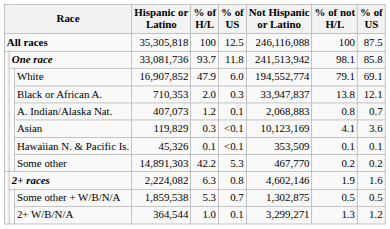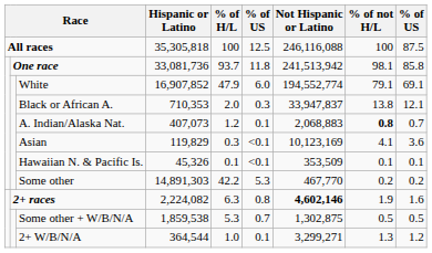 <table class="wikitable sortable" style="text-align:right">
 <tr>
 <th colspan="3">Race</th>
 <th>Hispanic or<br>Latino</th>
 <th>% of<br>H/L</th>
 <th>% of<br>US</th>
 <th>Not Hispanic<br>or Latino</th>
 <th>% of not<br>H/L</th>
 <th>% of<br>US</th>
 </tr>
 <tr>
 <td colspan="3" style="text-align:left"><strong>All races</strong></td>
 <td>35,305,818</td>
 <td>100</td>
 <td>12.5</td>
 <td>246,116,088</td>
 <td>100</td>
 <td>87.5</td>
 </tr>
 <tr>
 <td rowspan="7"></td>
 <td colspan="2" style="text-align:left"><strong><em>One race</em></strong></td>
 <td>33,081,736</td>
 <td>93.7</td>
 <td>11.8</td>
 <td>241,513,942</td>
 <td>98.1</td>
 <td>85.8</td>
 </tr>
 <tr>
 <td rowspan="6"></td>
 <td style="text-align:left">White</td>
 <td>16,907,852</td>
 <td>47.9</td>
 <td>6.0</td>
 <td>194,552,774</td>
 <td>79.1</td>
 <td>69.1</td>
 </tr>
 <tr>
 <td style="text-align:left">Black or African A.</td>
 <td>710,353</td>
 <td>2.0</td>
 <td>0.3</td>
 <td>33,947,837</td>
 <td>13.8</td>
 <td>12.1</td>
 </tr>
 <tr>
 <td style="text-align:left">A. Indian/Alaska Nat.</td>
 <td>407,073</td>
 <td>1.2</td>
 <td>0.1</td>
 <td>2,068,883</td>
-<td>0.8</td>
+<td><strong>0.8</strong></td>
 <td>0.7</td>
 </tr>
 <tr>
 <td style="text-align:left">Asian</td>
 <td>119,829</td>
 <td>0.3</td>
 <td><0.1</td>
 <td>10,123,169</td>
 <td>4.1</td>
 <td>3.6</td>
 </tr>
 <tr>
 <td style="text-align:left">Hawaiian N. & Pacific Is.</td>
 <td>45,326</td>
 <td>0.1</td>
 <td><0.1</td>
 <td>353,509</td>
 <td>0.1</td>
 <td>0.1</td>
 </tr>
 <tr>
 <td style="text-align:left">Some other</td>
 <td>14,891,303</td>
 <td>42.2</td>
 <td>5.3</td>
 <td>467,770</td>
 <td>0.2</td>
 <td>0.2</td>
 </tr>
 <tr>
 <td rowspan="3"></td>
 <td colspan="2" style="text-align:left"><strong><em>2+ races</em></strong></td>
 <td>2,224,082</td>
 <td>6.3</td>
 <td>0.8</td>
-<td>4,602,146</td>
+<td><strong>4,602,146</strong></td>
 <td>1.9</td>
 <td>1.6</td>
 </tr>
 <tr>
 <td rowspan="2"></td>
 <td style="text-align:left">Some other + W/B/N/A</td>
 <td>1,859,538</td>
 <td>5.3</td>
 <td>0.7</td>
 <td>1,302,875</td>
 <td>0.5</td>
 <td>0.5</td>
 </tr>
 <tr>
 <td style="text-align:left">2+ W/B/N/A</td>
 <td>364,544</td>
 <td>1.0</td>
 <td>0.1</td>
 <td>3,299,271</td>
 <td>1.3</td>
 <td>1.2</td>
 </tr>
 </table>
